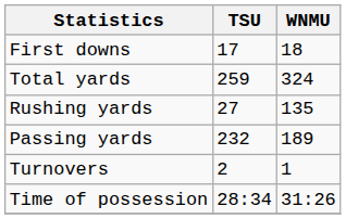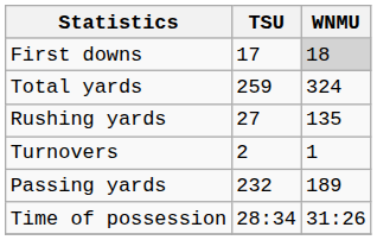 <table class="wikitable">
 <tr>
 <th>Statistics</th>
 <th>TSU</th>
 <th>WNMU</th>
 </tr>
 <tr>
 <td>First downs</td>
 <td>17</td>
-<td>18</td>
+<td style="background: lightgrey;">18</td>
 </tr>
 <tr>
 <td>Total yards</td>
 <td>259</td>
 <td>324</td>
 </tr>
 <tr>
 <td>Rushing yards</td>
 <td>27</td>
 <td>135</td>
 </tr>
 <tr>
+<td>Turnovers</td>
+<td>2</td>
+<td>1</td>
+</tr>
+<tr>
 <td>Passing yards</td>
 <td>232</td>
 <td>189</td>
-</tr>
-<tr>
-<td>Turnovers</td>
-<td>2</td>
-<td>1</td>
 </tr>
 <tr>
 <td>Time of possession</td>
 <td>28:34</td>
 <td>31:26</td>
 </tr>
 <tr>
 </tr>
 </table>
